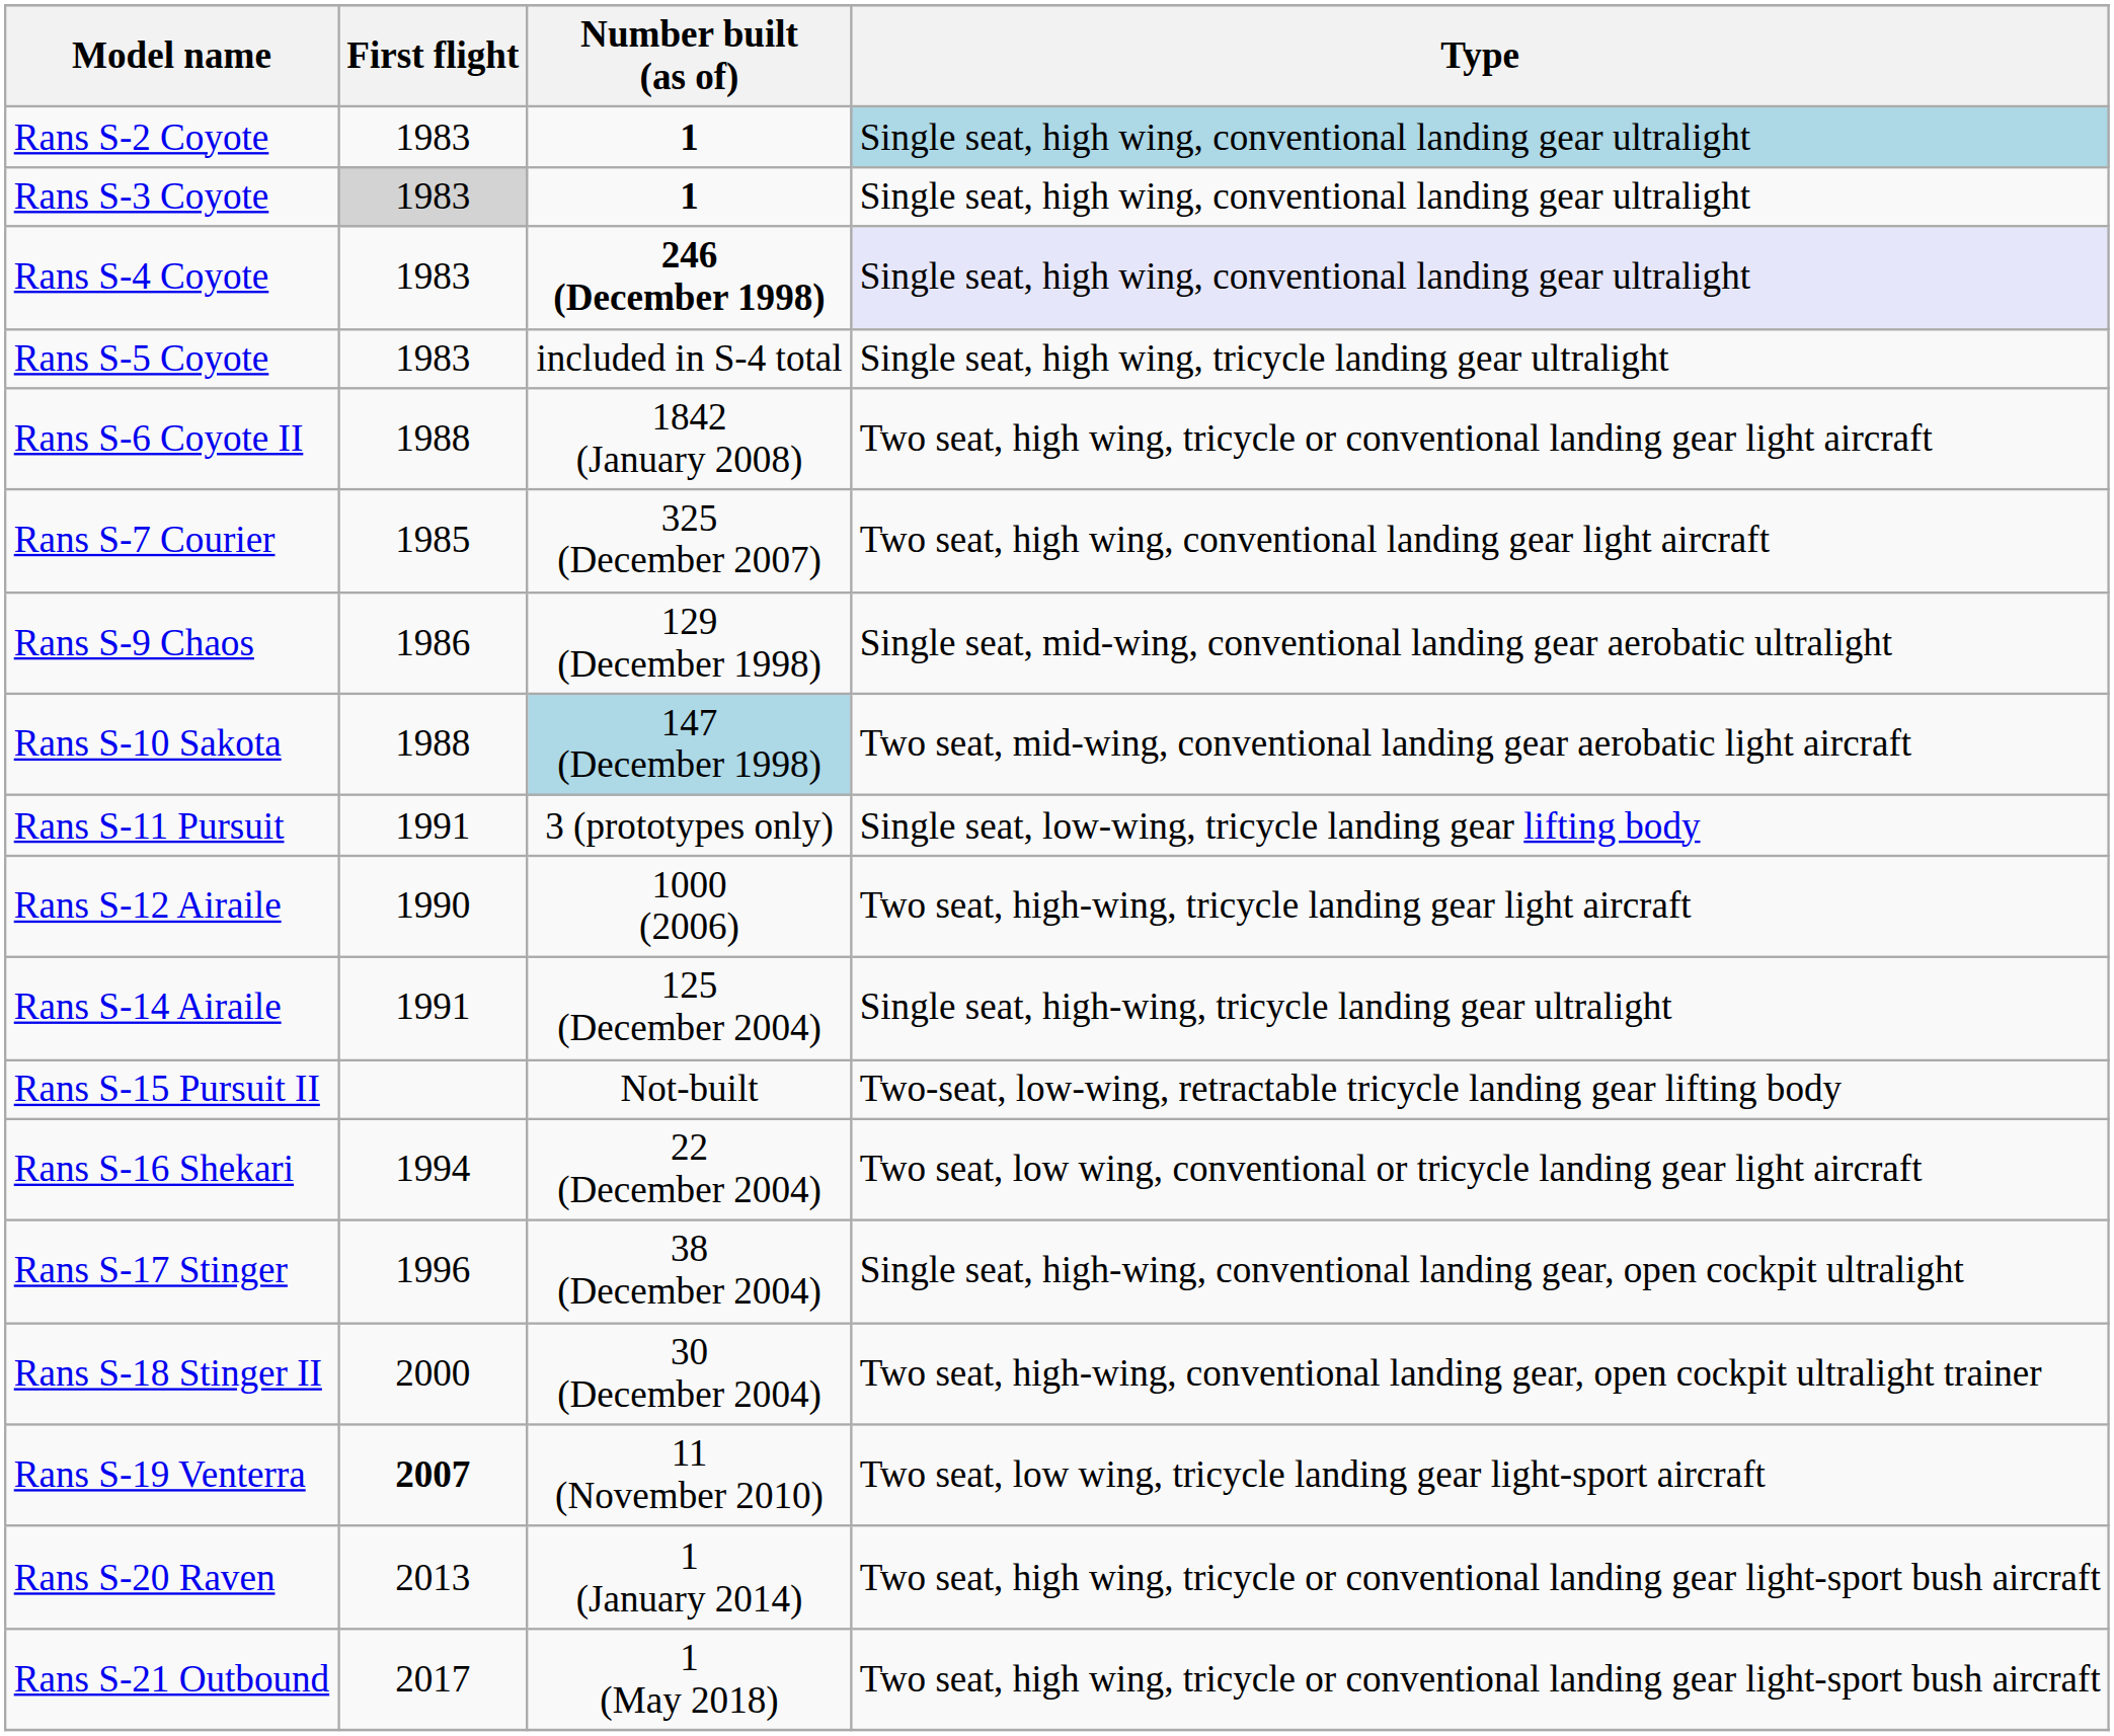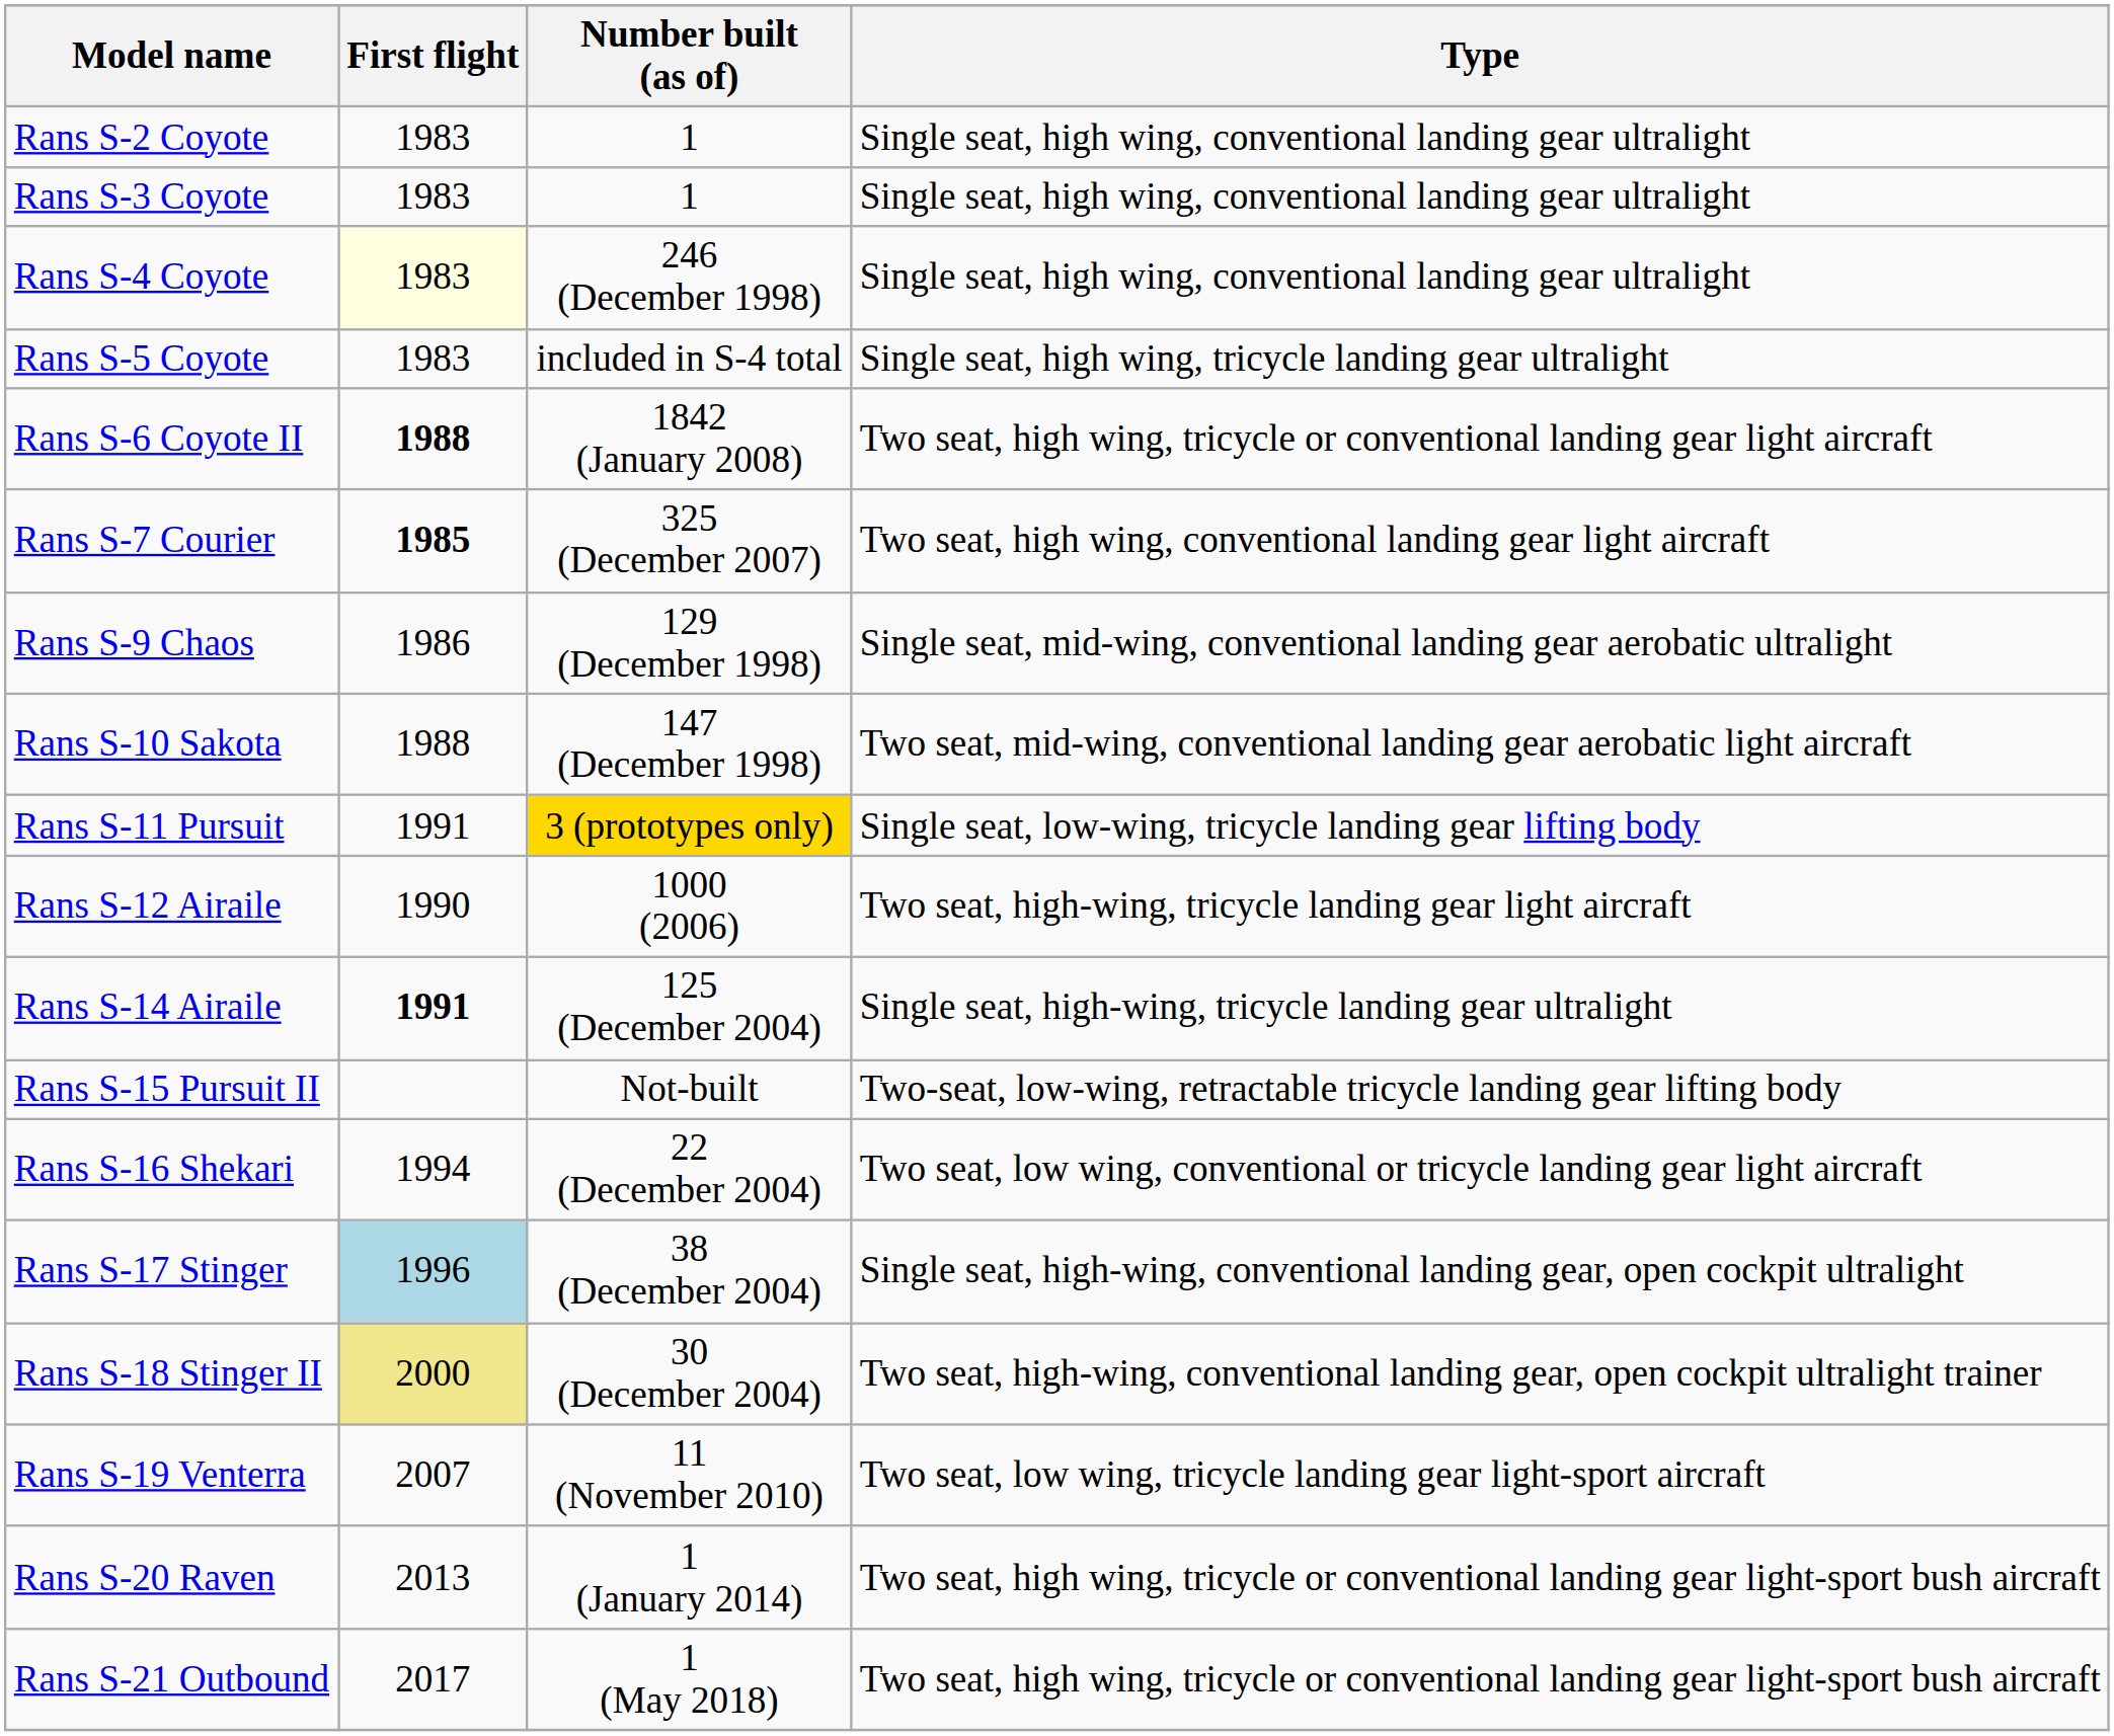 <table class="wikitable">
 <tr>
 </tr>
 <tr>
 <th>Model name</th>
 <th>First flight</th>
 <th>Number built<br>(as of)</th>
 <th>Type</th>
 </tr>
 <tr>
 <td align=left><a href='#'>Rans S-2 Coyote</a></td>
 <td align=center>1983</td>
-<td align=center><strong>1</strong></td>
-<td align=left style="background: lightblue;">Single seat, high wing, conventional landing gear ultralight</td>
+<td align=center>1</td>
+<td align=left>Single seat, high wing, conventional landing gear ultralight</td>
 </tr>
 <tr>
 <td align=left><a href='#'>Rans S-3 Coyote</a></td>
-<td align=center style="background: lightgrey;">1983</td>
-<td align=center><strong>1</strong></td>
+<td align=center>1983</td>
+<td align=center>1</td>
 <td align=left>Single seat, high wing, conventional landing gear ultralight</td>
 </tr>
 <tr>
 <td align=left><a href='#'>Rans S-4 Coyote</a></td>
-<td align=center>1983</td>
-<td align=center><strong>246 <br>(December 1998)</strong></td>
-<td align=left style="background: lavender;">Single seat, high wing, conventional landing gear ultralight</td>
+<td align=center style="background: lightyellow;">1983</td>
+<td align=center>246 <br>(December 1998)</td>
+<td align=left>Single seat, high wing, conventional landing gear ultralight</td>
 </tr>
 <tr>
 <td align=left><a href='#'>Rans S-5 Coyote</a></td>
 <td align=center>1983</td>
 <td align=center>included in S-4 total</td>
 <td align=left>Single seat, high wing, tricycle landing gear ultralight</td>
 </tr>
 <tr>
 <td align=left><a href='#'>Rans S-6 Coyote II</a></td>
-<td align=center>1988</td>
+<td align=center><strong>1988</strong></td>
 <td align=center>1842 <br>(January 2008)</td>
 <td align=left>Two seat, high wing, tricycle or conventional landing gear light aircraft</td>
 </tr>
 <tr>
 <td align=left><a href='#'>Rans S-7 Courier</a></td>
-<td align=center>1985</td>
+<td align=center><strong>1985</strong></td>
 <td align=center>325 <br>(December 2007)</td>
 <td align=left>Two seat, high wing, conventional landing gear light aircraft</td>
 </tr>
 <tr>
 <td align=left><a href='#'>Rans S-9 Chaos</a></td>
 <td align=center>1986</td>
 <td align=center>129 <br>(December 1998)</td>
 <td align=left>Single seat, mid-wing, conventional landing gear aerobatic ultralight</td>
 </tr>
 <tr>
 <td align=left><a href='#'>Rans S-10 Sakota</a></td>
 <td align=center>1988</td>
-<td align=center style="background: lightblue;">147 <br>(December 1998)</td>
+<td align=center>147 <br>(December 1998)</td>
 <td align=left>Two seat, mid-wing, conventional landing gear aerobatic light aircraft</td>
 </tr>
 <tr>
 <td align=left><a href='#'>Rans S-11 Pursuit</a></td>
 <td align=center>1991</td>
-<td align=center>3 (prototypes only)</td>
+<td align=center style="background: gold;">3 (prototypes only)</td>
 <td align=left>Single seat, low-wing, tricycle landing gear <a href='#'>lifting body</a></td>
 </tr>
 <tr>
 <td align=left><a href='#'>Rans S-12 Airaile</a></td>
 <td align=center>1990</td>
 <td align=center>1000 <br>(2006)</td>
 <td align=left>Two seat, high-wing, tricycle landing gear light aircraft</td>
 </tr>
 <tr>
 <td align=left><a href='#'>Rans S-14 Airaile</a></td>
-<td align=center>1991</td>
+<td align=center><strong>1991</strong></td>
 <td align=center>125 <br>(December 2004)</td>
 <td align=left>Single seat, high-wing, tricycle landing gear ultralight</td>
 </tr>
 <tr>
 <td align=left><a href='#'>Rans S-15 Pursuit II</a></td>
 <td align=center></td>
 <td align=center>Not-built</td>
 <td align=left>Two-seat, low-wing, retractable tricycle landing gear lifting body</td>
 </tr>
 <tr>
 <td align=left><a href='#'>Rans S-16 Shekari</a></td>
 <td align=center>1994</td>
 <td align=center>22 <br>(December 2004)</td>
 <td align=left>Two seat, low wing, conventional or tricycle landing gear light aircraft</td>
 </tr>
 <tr>
 <td align=left><a href='#'>Rans S-17 Stinger</a></td>
-<td align=center>1996</td>
+<td align=center style="background: lightblue;">1996</td>
 <td align=center>38 <br>(December 2004)</td>
 <td align=left>Single seat, high-wing, conventional landing gear, open cockpit ultralight</td>
 </tr>
 <tr>
 <td align=left><a href='#'>Rans S-18 Stinger II</a></td>
-<td align=center>2000</td>
+<td align=center style="background: khaki;">2000</td>
 <td align=center>30 <br>(December 2004)</td>
 <td align=left>Two seat, high-wing, conventional landing gear, open cockpit ultralight trainer</td>
 </tr>
 <tr>
 <td align=left><a href='#'>Rans S-19 Venterra</a></td>
-<td align=center><strong>2007</strong></td>
+<td align=center>2007</td>
 <td align=center>11 <br>(November 2010)</td>
 <td align=left>Two seat, low wing, tricycle landing gear light-sport aircraft</td>
 </tr>
 <tr>
 <td align=left><a href='#'>Rans S-20 Raven</a></td>
 <td align=center>2013</td>
 <td align=center>1 <br>(January 2014)</td>
 <td align=left>Two seat, high wing, tricycle or conventional landing gear light-sport bush aircraft</td>
 </tr>
 <tr>
 <td align=left><a href='#'>Rans S-21 Outbound</a></td>
 <td align=center>2017</td>
 <td align=center>1 <br>(May 2018)</td>
 <td align=left>Two seat, high wing, tricycle or conventional landing gear light-sport bush aircraft</td>
 </tr>
 <tr>
 </tr>
 </table>
